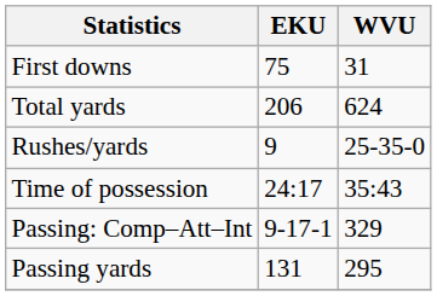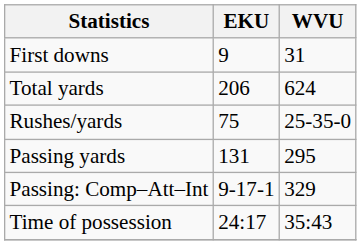 <table class="wikitable" style="float: left;">
 <tr>
 <th>Statistics</th>
 <th>EKU</th>
 <th>WVU</th>
 </tr>
 <tr>
 <td>First downs</td>
-<td>75</td>
+<td>9</td>
 <td>31</td>
 </tr>
 <tr>
 <td>Total yards</td>
 <td>206</td>
 <td>624</td>
 </tr>
 <tr>
 <td>Rushes/yards</td>
-<td>9</td>
+<td>75</td>
 <td>25-35-0</td>
+</tr>
+<tr>
+<td>Passing yards</td>
+<td>131</td>
+<td>295</td>
+</tr>
+<tr>
+<td>Passing: Comp–Att–Int</td>
+<td>9-17-1</td>
+<td>329</td>
 </tr>
 <tr>
 <td>Time of possession</td>
 <td>24:17</td>
 <td>35:43</td>
 </tr>
 <tr>
-<td>Passing: Comp–Att–Int</td>
-<td>9-17-1</td>
-<td>329</td>
-</tr>
-<tr>
-<td>Passing yards</td>
-<td>131</td>
-<td>295</td>
-</tr>
-<tr>
 </tr>
 </table>
